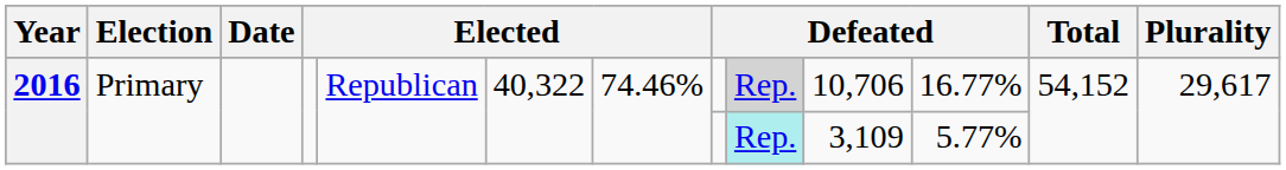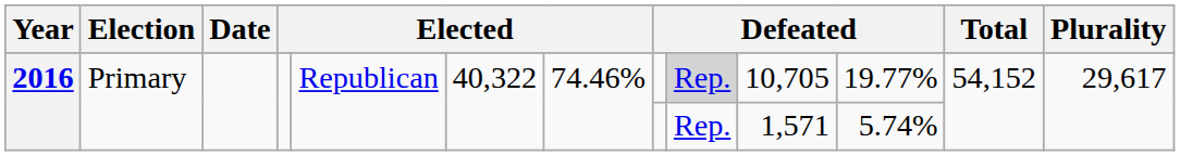 <table class="wikitable">
 <tr>
 <th>Year</th>
 <th>Election</th>
 <th>Date</th>
 <th colspan="4">Elected</th>
 <th colspan="4">Defeated</th>
 <th>Total</th>
 <th>Plurality</th>
 </tr>
 <tr>
 <th rowspan="2" valign="top"><a href='#'>2016</a></th>
 <td rowspan="2" valign="top">Primary</td>
 <td rowspan="2" valign="top"></td>
 <td rowspan="2" valign="top"></td>
 <td valign="top" rowspan="2" ><a href='#'>Republican</a></td>
 <td rowspan="2" align="right" valign="top">40,322</td>
 <td rowspan="2" align="right" valign="top">74.46%</td>
 <td valign="top"></td>
 <td valign="top"  style="background: lightgrey;"><a href='#'>Rep.</a></td>
-<td align="right" valign="top">10,706</td>
-<td align="right" valign="top">16.77%</td>
+<td align="right" valign="top">10,705</td>
+<td align="right" valign="top">19.77%</td>
 <td rowspan="2" align="right" valign="top">54,152</td>
 <td rowspan="2" align="right" valign="top">29,617</td>
 </tr>
 <tr>
 <td valign="top"></td>
-<td valign="top"  style="background: paleturquoise;"><a href='#'>Rep.</a></td>
-<td align="right" valign="top">3,109</td>
-<td align="right" valign="top">5.77%</td>
+<td valign="top" ><a href='#'>Rep.</a></td>
+<td align="right" valign="top">1,571</td>
+<td align="right" valign="top">5.74%</td>
 </tr>
 </table>
